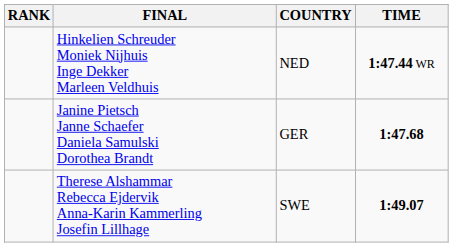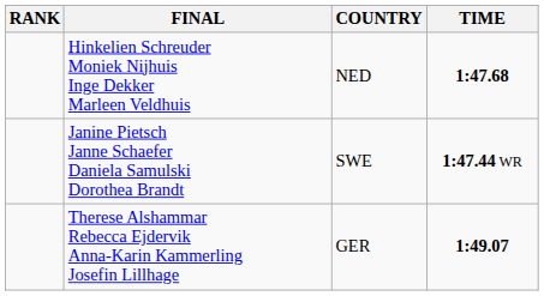 <table class="wikitable">
 <tr>
 <th>RANK</th>
 <th align="left" style="width: 15em">FINAL</th>
 <th>COUNTRY</th>
 <th style="width: 6em">TIME</th>
 </tr>
 <tr>
 <td align="center"></td>
 <td><a href='#'>Hinkelien Schreuder</a><br><a href='#'>Moniek Nijhuis</a><br><a href='#'>Inge Dekker</a><br><a href='#'>Marleen Veldhuis</a></td>
 <td> NED</td>
+<td align="center"><strong>1:47.68</strong></td>
+</tr>
+<tr>
+<td align="center"></td>
+<td><a href='#'>Janine Pietsch</a><br><a href='#'>Janne Schaefer</a><br><a href='#'>Daniela Samulski</a><br><a href='#'>Dorothea Brandt</a></td>
+<td> SWE</td>
 <td align="center"><strong>1:47.44</strong><small> WR</small></td>
 </tr>
 <tr>
 <td align="center"></td>
-<td><a href='#'>Janine Pietsch</a><br><a href='#'>Janne Schaefer</a><br><a href='#'>Daniela Samulski</a><br><a href='#'>Dorothea Brandt</a></td>
+<td><a href='#'>Therese Alshammar</a><br><a href='#'>Rebecca Ejdervik</a><br><a href='#'>Anna-Karin Kammerling</a><br><a href='#'>Josefin Lillhage</a></td>
 <td> GER</td>
-<td align="center"><strong>1:47.68</strong></td>
-</tr>
-<tr>
-<td align="center"></td>
-<td><a href='#'>Therese Alshammar</a><br><a href='#'>Rebecca Ejdervik</a><br><a href='#'>Anna-Karin Kammerling</a><br><a href='#'>Josefin Lillhage</a></td>
-<td> SWE</td>
 <td align="center"><strong>1:49.07</strong></td>
 </tr>
 </table>
